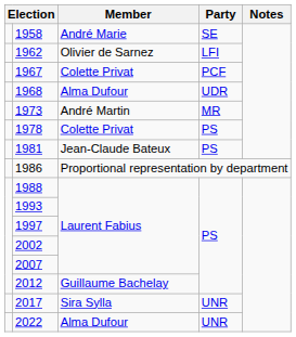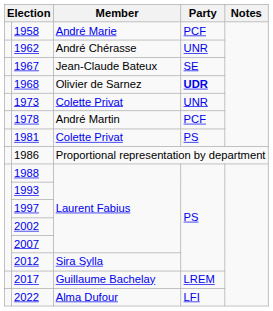 <table class="wikitable">
 <tr>
 <th colspan=2>Election</th>
 <th>Member</th>
 <th>Party</th>
 <th>Notes</th>
 </tr>
 <tr>
 <td style="background-color: "></td>
 <td><a href='#'>1958</a></td>
 <td><a href='#'>André Marie</a></td>
+<td><a href='#'>PCF</a></td>
+</tr>
+<tr>
+<td style="background-color: "></td>
+<td><a href='#'>1962</a></td>
+<td>André Chérasse</td>
+<td><a href='#'>UNR</a></td>
+</tr>
+<tr>
+<td style="background-color: "></td>
+<td><a href='#'>1967</a></td>
+<td>Jean-Claude Bateux</td>
 <td><a href='#'>SE</a></td>
 </tr>
 <tr>
 <td style="background-color: "></td>
-<td><a href='#'>1962</a></td>
+<td><a href='#'>1968</a></td>
 <td>Olivier de Sarnez</td>
-<td><a href='#'>LFI</a></td>
+<td><strong><a href='#'>UDR</a></strong></td>
 </tr>
 <tr>
 <td style="background-color: "></td>
-<td><a href='#'>1967</a></td>
+<td><a href='#'>1973</a></td>
 <td><a href='#'>Colette Privat</a></td>
+<td><a href='#'>UNR</a></td>
+</tr>
+<tr>
+<td style="background-color: "></td>
+<td><a href='#'>1978</a></td>
+<td>André Martin</td>
 <td><a href='#'>PCF</a></td>
 </tr>
 <tr>
 <td style="background-color: "></td>
-<td><a href='#'>1968</a></td>
-<td><a href='#'>Alma Dufour</a></td>
-<td><a href='#'>UDR</a></td>
-</tr>
-<tr>
-<td style="background-color: "></td>
-<td><a href='#'>1973</a></td>
-<td>André Martin</td>
-<td><a href='#'>MR</a></td>
-</tr>
-<tr>
-<td style="background-color: "></td>
-<td><a href='#'>1978</a></td>
+<td><a href='#'>1981</a></td>
 <td><a href='#'>Colette Privat</a></td>
-<td><a href='#'>PS</a></td>
-</tr>
-<tr>
-<td style="background-color: "></td>
-<td><a href='#'>1981</a></td>
-<td>Jean-Claude Bateux</td>
 <td><a href='#'>PS</a></td>
 </tr>
 <tr>
 <td></td>
 <td>1986</td>
 <td colspan=3>Proportional representation by department</td>
 </tr>
 <tr>
 <td rowspan="6" style="background-color: "></td>
 <td><a href='#'>1988</a></td>
 <td rowspan="5"><a href='#'>Laurent Fabius</a></td>
 <td rowspan="6"><a href='#'>PS</a></td>
 </tr>
 <tr>
 <td><a href='#'>1993</a></td>
 </tr>
 <tr>
 <td><a href='#'>1997</a></td>
 </tr>
 <tr>
 <td><a href='#'>2002</a></td>
 </tr>
 <tr>
 <td><a href='#'>2007</a></td>
 </tr>
 <tr>
 <td><a href='#'>2012</a></td>
-<td><a href='#'>Guillaume Bachelay</a></td>
+<td><a href='#'>Sira Sylla</a></td>
 </tr>
 <tr>
 <td style="background-color: "></td>
 <td><a href='#'>2017</a></td>
-<td><a href='#'>Sira Sylla</a></td>
-<td><a href='#'>UNR</a></td>
+<td><a href='#'>Guillaume Bachelay</a></td>
+<td><a href='#'>LREM</a></td>
 </tr>
 <tr>
 <td style="background-color: "></td>
 <td><a href='#'>2022</a></td>
 <td><a href='#'>Alma Dufour</a></td>
-<td><a href='#'>UNR</a></td>
+<td><a href='#'>LFI</a></td>
 </tr>
 </table>
